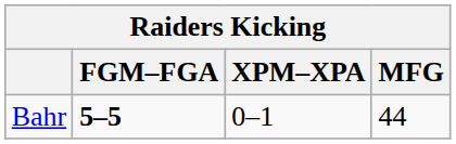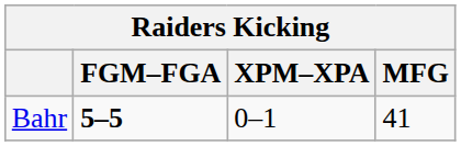 <table class="wikitable">
 <tr>
 <th colspan="4">Raiders Kicking</th>
 </tr>
 <tr>
 <th></th>
 <th>FGM–FGA</th>
 <th>XPM–XPA</th>
 <th>MFG</th>
 </tr>
 <tr>
 <td><a href='#'>Bahr</a></td>
 <td><strong>5–5</strong></td>
 <td>0–1</td>
-<td>44</td>
+<td>41</td>
 </tr>
 </table>
